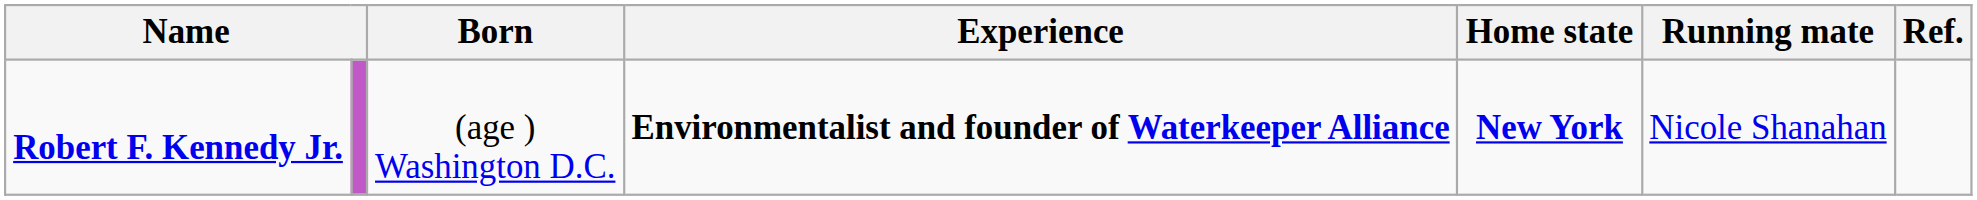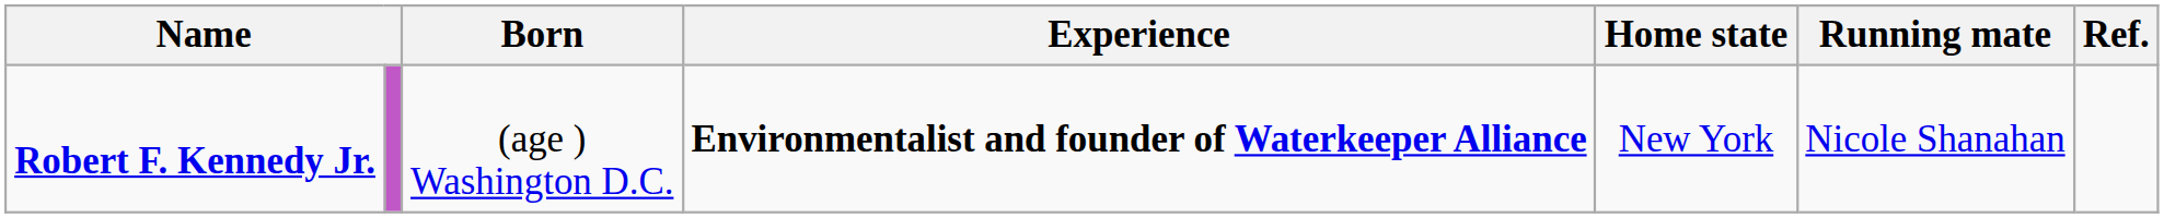 <table class="wikitable sortable" style="text-align:center;">
 <tr>
 <th colspan="2" scope="col">Name</th>
 <th scope="col">Born</th>
 <th class="unsortable" scope="col">Experience</th>
 <th scope="col">Home state</th>
 <th scope="col">Running mate</th>
 <th scope="col">Ref.</th>
 </tr>
 <tr>
 <td data-sort-value="Kennedy, Robert F." scope="row"><br><strong><a href='#'>Robert F. Kennedy Jr.</a></strong></td>
 <td style="background:#c158c7;"></td>
 <td><br>(age )<br><a href='#'>Washington D.C.</a></td>
 <td><strong>Environmentalist and founder of <a href='#'>Waterkeeper Alliance</a></strong></td>
-<td><strong><a href='#'>New York</a></strong></td>
+<td><a href='#'>New York</a></td>
 <td><a href='#'>Nicole Shanahan</a></td>
 <td></td>
 </tr>
 </table>
